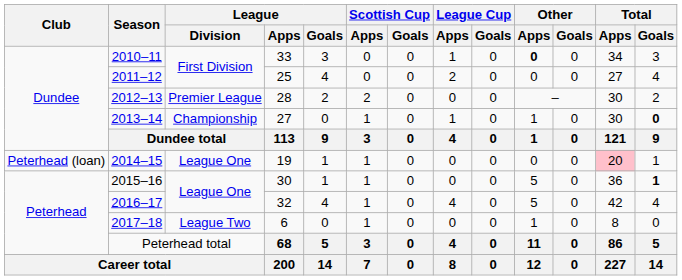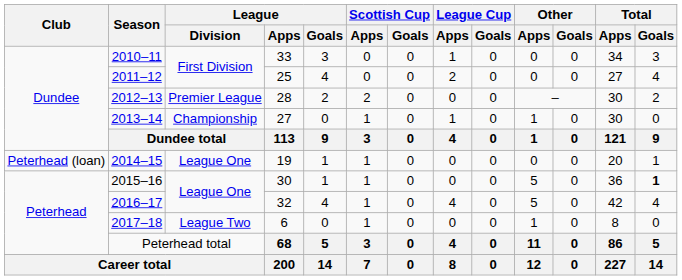 <table class="wikitable" style="text-align: center">
 <tr>
 <th rowspan="2">Club</th>
 <th rowspan="2">Season</th>
 <th colspan="3">League</th>
 <th colspan="2"><a href='#'>Scottish Cup</a></th>
 <th colspan="2"><a href='#'>League Cup</a></th>
 <th colspan="2">Other</th>
 <th colspan="2">Total</th>
 </tr>
 <tr>
 <th>Division</th>
 <th>Apps</th>
 <th>Goals</th>
 <th>Apps</th>
 <th>Goals</th>
 <th>Apps</th>
 <th>Goals</th>
 <th>Apps</th>
 <th>Goals</th>
 <th>Apps</th>
 <th>Goals</th>
 </tr>
 <tr>
 <td rowspan="5"><a href='#'>Dundee</a></td>
 <td><a href='#'>2010–11</a></td>
 <td rowspan="2"><a href='#'>First Division</a></td>
 <td>33</td>
 <td>3</td>
 <td>0</td>
 <td>0</td>
 <td>1</td>
 <td>0</td>
-<td><strong>0</strong></td>
+<td>0</td>
 <td>0</td>
 <td>34</td>
 <td>3</td>
 </tr>
 <tr>
 <td><a href='#'>2011–12</a></td>
 <td>25</td>
 <td>4</td>
 <td>0</td>
 <td>0</td>
 <td>2</td>
 <td>0</td>
 <td>0</td>
 <td>0</td>
 <td>27</td>
 <td>4</td>
 </tr>
 <tr>
 <td><a href='#'>2012–13</a></td>
 <td><a href='#'>Premier League</a></td>
 <td>28</td>
 <td>2</td>
 <td>2</td>
 <td>0</td>
 <td>0</td>
 <td>0</td>
 <td colspan="2">–</td>
 <td>30</td>
 <td>2</td>
 </tr>
 <tr>
 <td><a href='#'>2013–14</a></td>
 <td><a href='#'>Championship</a></td>
 <td>27</td>
 <td>0</td>
 <td>1</td>
 <td>0</td>
 <td>1</td>
 <td>0</td>
 <td>1</td>
 <td>0</td>
 <td>30</td>
-<td><strong>0</strong></td>
+<td>0</td>
 </tr>
 <tr>
 <th colspan="2">Dundee total</th>
 <th>113</th>
 <th>9</th>
 <th>3</th>
 <th>0</th>
 <th>4</th>
 <th>0</th>
 <th>1</th>
 <th>0</th>
 <th>121</th>
 <th>9</th>
 </tr>
 <tr>
 <td><a href='#'>Peterhead</a> (loan)</td>
 <td><a href='#'>2014–15</a></td>
 <td><a href='#'>League One</a></td>
 <td>19</td>
 <td>1</td>
 <td>1</td>
 <td>0</td>
 <td>0</td>
 <td>0</td>
 <td>0</td>
 <td>0</td>
-<td style="background: pink;">20</td>
+<td>20</td>
 <td>1</td>
 </tr>
 <tr>
 <td rowspan="4"><a href='#'>Peterhead</a></td>
 <td>2015–16</td>
 <td rowspan="2"><a href='#'>League One</a></td>
 <td>30</td>
 <td>1</td>
 <td>1</td>
 <td>0</td>
 <td>0</td>
 <td>0</td>
 <td>5</td>
 <td>0</td>
 <td>36</td>
 <td><strong>1</strong></td>
 </tr>
 <tr>
 <td><a href='#'>2016–17</a></td>
 <td>32</td>
 <td>4</td>
 <td>1</td>
 <td>0</td>
 <td>4</td>
 <td>0</td>
 <td>5</td>
 <td>0</td>
 <td>42</td>
 <td>4</td>
 </tr>
 <tr>
 <td><a href='#'>2017–18</a></td>
 <td><a href='#'>League Two</a></td>
 <td>6</td>
 <td>0</td>
 <td>1</td>
 <td>0</td>
 <td>0</td>
 <td>0</td>
 <td>1</td>
 <td>0</td>
 <td>8</td>
 <td>0</td>
 </tr>
 <tr>
 <td colspan="2">Peterhead total</td>
 <th>68</th>
 <th>5</th>
 <th>3</th>
 <th>0</th>
 <th>4</th>
 <th>0</th>
 <th>11</th>
 <th>0</th>
 <th>86</th>
 <th>5</th>
 </tr>
 <tr>
 <th colspan="3">Career total</th>
 <th>200</th>
 <th>14</th>
 <th>7</th>
 <th>0</th>
 <th>8</th>
 <th>0</th>
 <th>12</th>
 <th>0</th>
 <th>227</th>
 <th>14</th>
 </tr>
 </table>
